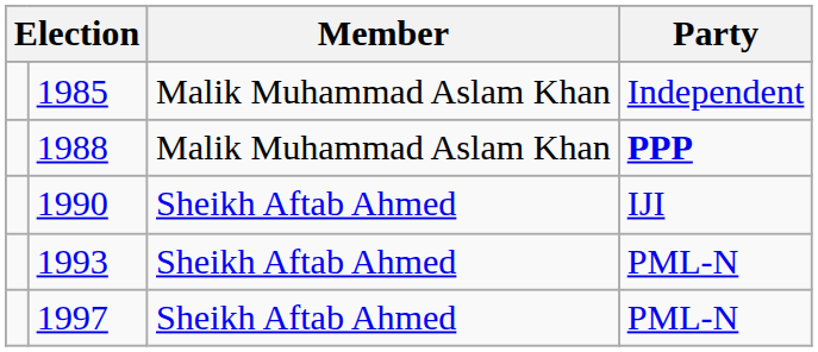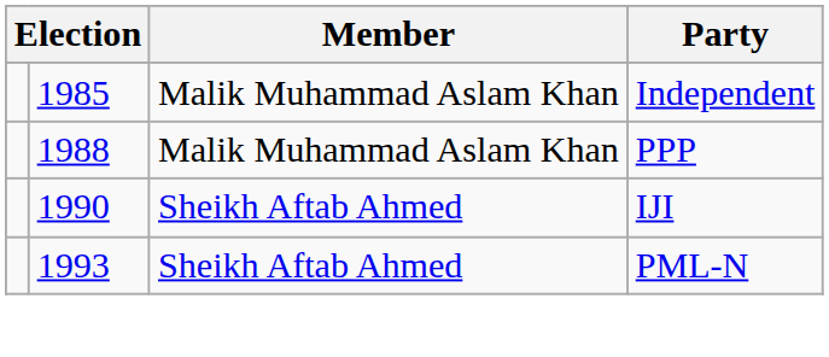 <table class="wikitable">
 <tr>
 <th colspan="2">Election</th>
 <th>Member</th>
 <th>Party</th>
 </tr>
 <tr>
 <td style="background-color: "></td>
 <td><a href='#'>1985</a></td>
 <td>Malik Muhammad Aslam Khan</td>
 <td><a href='#'>Independent</a></td>
 </tr>
 <tr>
 <td style="background-color: "></td>
 <td><a href='#'>1988</a></td>
 <td>Malik Muhammad Aslam Khan</td>
-<td><strong><a href='#'>PPP</a></strong></td>
+<td><a href='#'>PPP</a></td>
 </tr>
 <tr>
 <td style="background-color: "></td>
 <td><a href='#'>1990</a></td>
 <td><a href='#'>Sheikh Aftab Ahmed</a></td>
 <td><a href='#'>IJI</a></td>
 </tr>
 <tr>
 <td style="background-color: "></td>
 <td><a href='#'>1993</a></td>
 <td><a href='#'>Sheikh Aftab Ahmed</a></td>
 <td><a href='#'>PML-N</a></td>
 </tr>
-<tr>
-<td style="background-color: "></td>
-<td><a href='#'>1997</a></td>
-<td><a href='#'>Sheikh Aftab Ahmed</a></td>
-<td><a href='#'>PML-N</a></td>
-</tr>
 </table>
